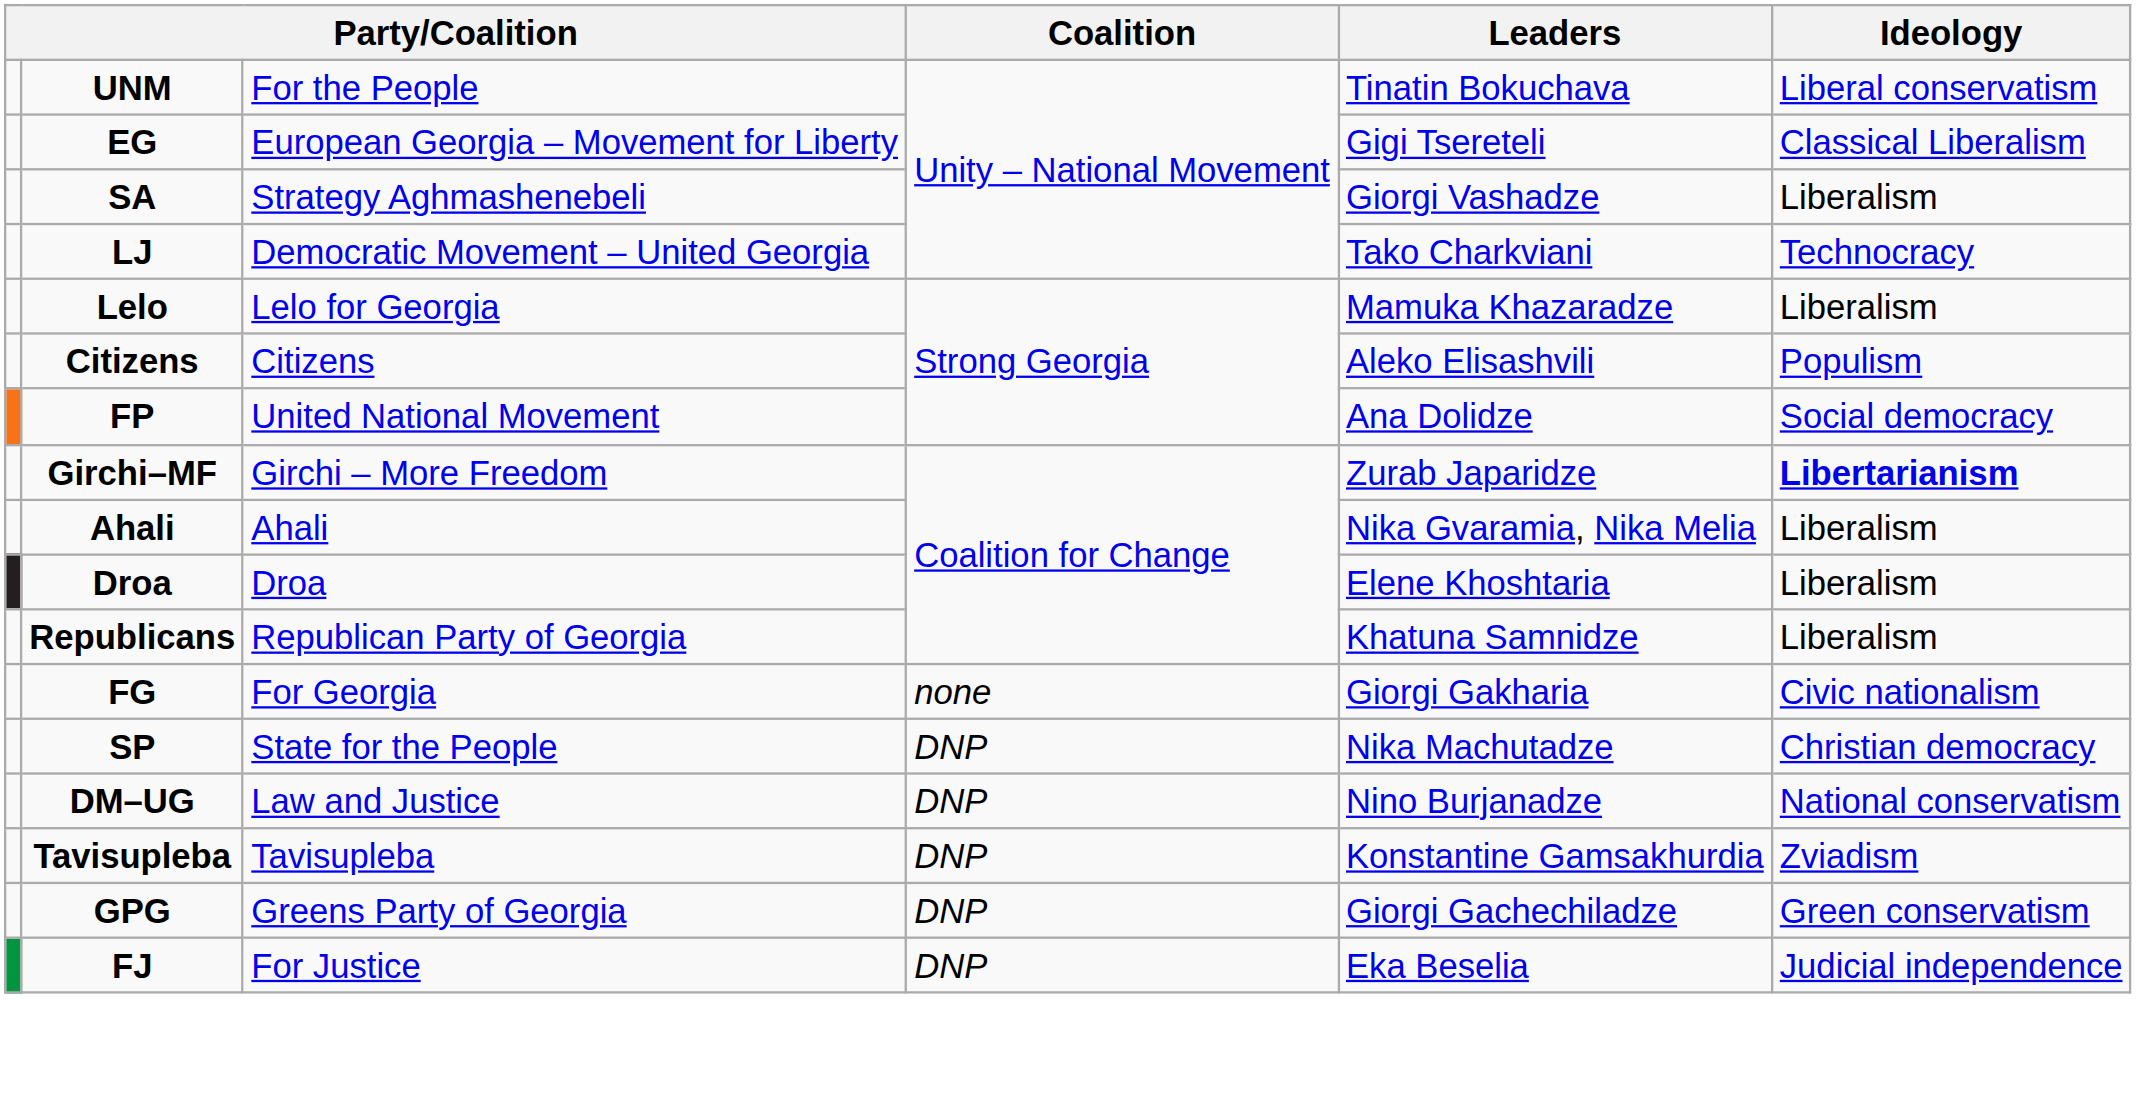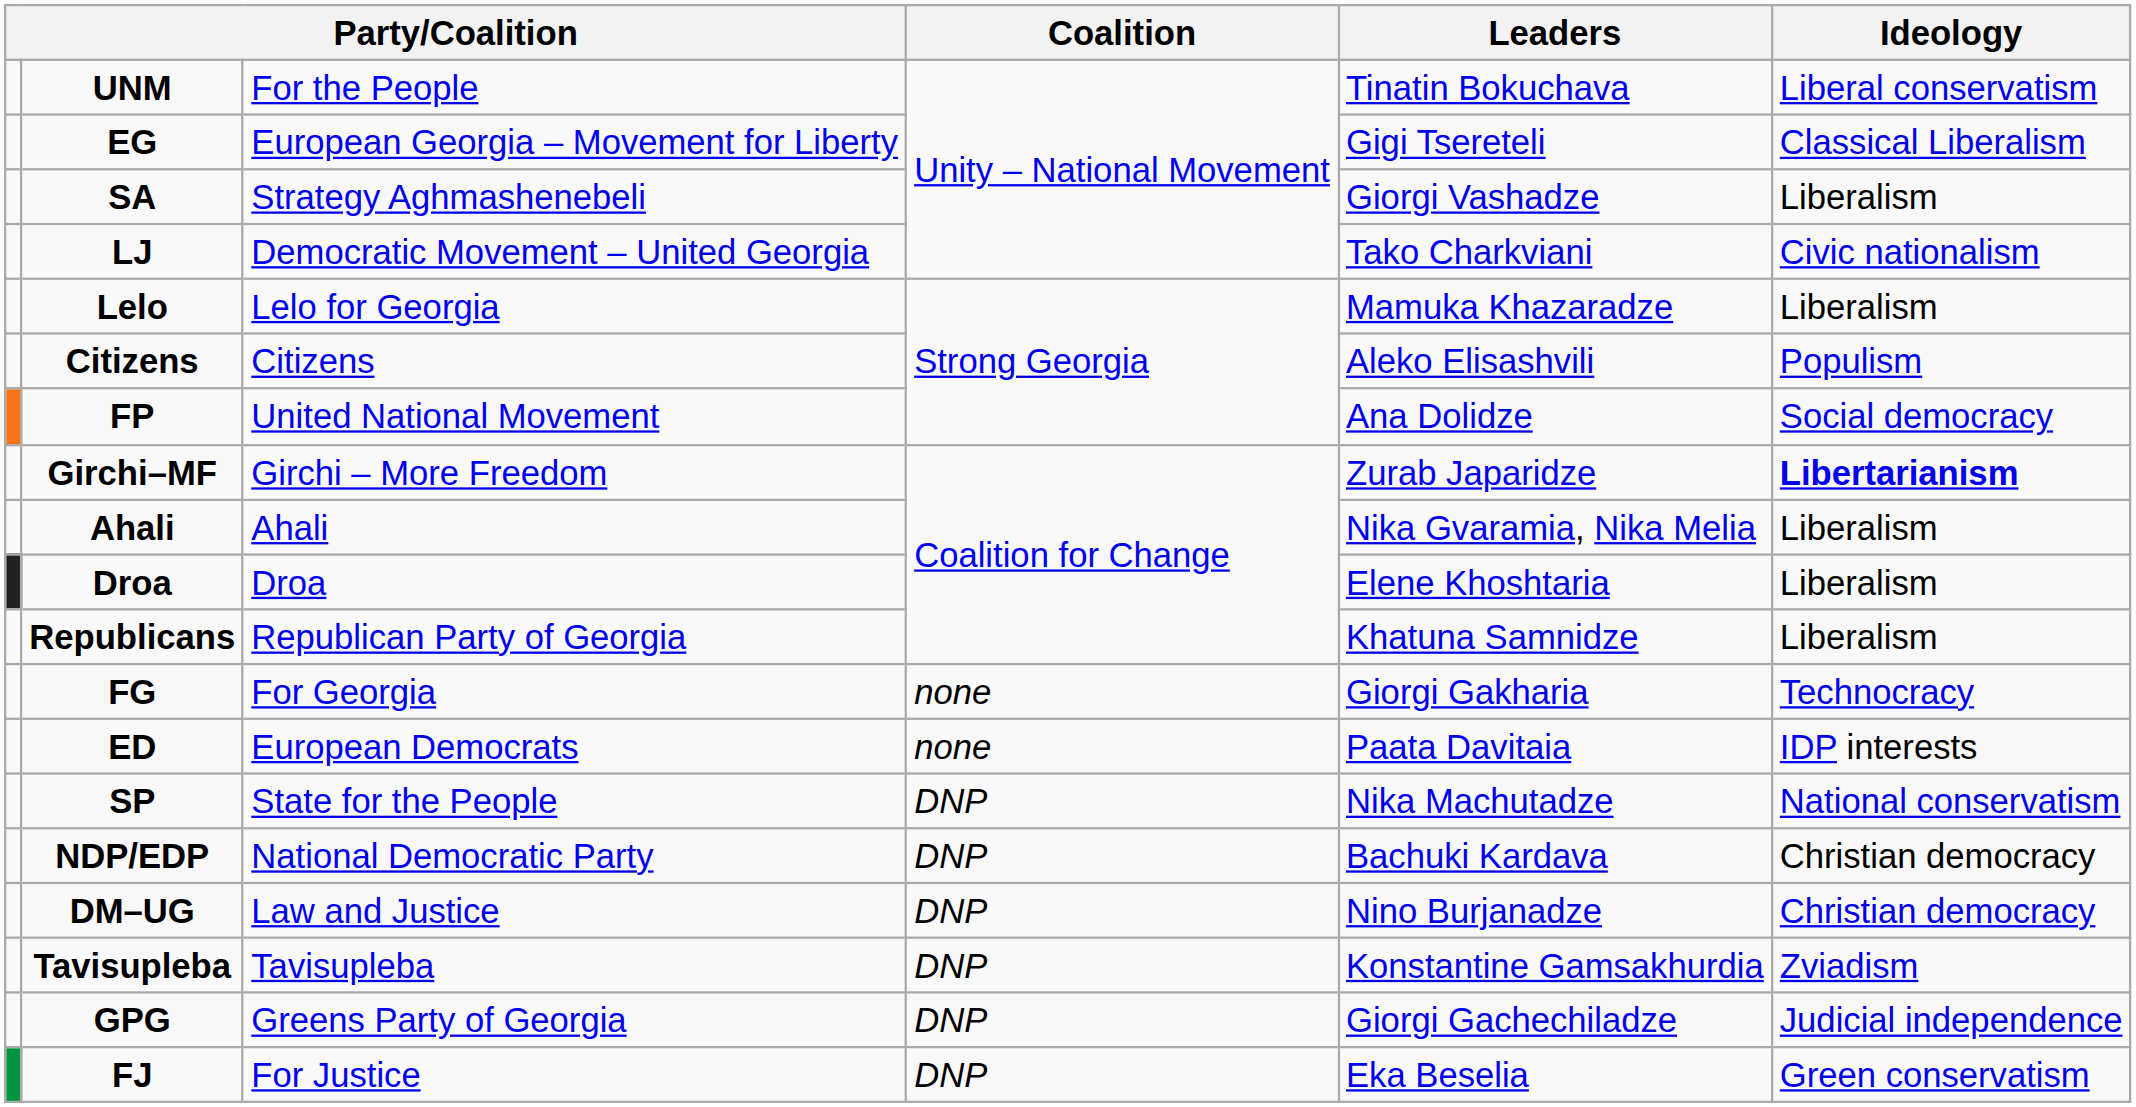 <table class=wikitable style="font-size:95%;">
 <tr>
 <th colspan="3">Party/Coalition</th>
 <th>Coalition</th>
 <th>Leaders</th>
 <th>Ideology</th>
 </tr>
 <tr>
 <td style="background:"></td>
 <td style="text-align:center;"><strong>UNM</strong></td>
 <td><a href='#'>For the People</a></td>
 <td rowspan=4><a href='#'>Unity – National Movement</a></td>
 <td><a href='#'>Tinatin Bokuchava</a></td>
 <td><a href='#'>Liberal conservatism</a></td>
 </tr>
 <tr>
 <td style="background:"></td>
 <td style="text-align:center;"><strong>EG</strong></td>
 <td><a href='#'>European Georgia – Movement for Liberty</a></td>
 <td><a href='#'>Gigi Tsereteli</a></td>
 <td><a href='#'>Classical Liberalism</a></td>
 </tr>
 <tr>
 <td style="background:"></td>
 <td style="text-align:center;"><strong>SA</strong></td>
 <td><a href='#'>Strategy Aghmashenebeli</a></td>
 <td><a href='#'>Giorgi Vashadze</a></td>
 <td>Liberalism</td>
 </tr>
 <tr>
 <td style="background:"></td>
 <td style="text-align:center;"><strong>LJ</strong></td>
 <td><a href='#'>Democratic Movement – United Georgia</a></td>
 <td><a href='#'>Tako Charkviani</a></td>
-<td><a href='#'>Technocracy</a></td>
+<td><a href='#'>Civic nationalism</a></td>
 </tr>
 <tr>
 <td style="background:"></td>
 <td style="text-align:center;"><strong>Lelo</strong></td>
 <td><a href='#'>Lelo for Georgia</a></td>
 <td rowspan=3><a href='#'>Strong Georgia</a></td>
 <td><a href='#'>Mamuka Khazaradze</a></td>
 <td>Liberalism</td>
 </tr>
 <tr>
 <td style="background:"></td>
 <td style="text-align:center;"><strong>Citizens</strong></td>
 <td><a href='#'>Citizens</a></td>
 <td><a href='#'>Aleko Elisashvili</a></td>
 <td><a href='#'>Populism</a></td>
 </tr>
 <tr>
 <td style="background:#F87217;"></td>
 <td style="text-align:center;"><strong>FP</strong></td>
 <td><a href='#'>United National Movement</a></td>
 <td><a href='#'>Ana Dolidze</a></td>
 <td><a href='#'>Social democracy</a></td>
 </tr>
 <tr>
 <td style="background:"></td>
 <td style="text-align:center;"><strong>Girchi–MF</strong></td>
 <td><a href='#'>Girchi – More Freedom</a></td>
 <td rowspan=4><a href='#'>Coalition for Change</a></td>
 <td><a href='#'>Zurab Japaridze</a></td>
 <td><strong><a href='#'>Libertarianism</a></strong></td>
 </tr>
 <tr>
 <td style="background:"></td>
 <td style="text-align:center;"><strong>Ahali</strong></td>
 <td><a href='#'>Ahali</a></td>
 <td><a href='#'>Nika Gvaramia</a>, <a href='#'>Nika Melia</a></td>
 <td>Liberalism</td>
 </tr>
 <tr>
 <td style="background:#231F20;"></td>
 <td style="text-align:center;"><strong>Droa</strong></td>
 <td><a href='#'>Droa</a></td>
 <td><a href='#'>Elene Khoshtaria</a></td>
 <td>Liberalism</td>
 </tr>
 <tr>
 <td style="background:"></td>
 <td style="text-align:center;"><strong>Republicans</strong></td>
 <td><a href='#'>Republican Party of Georgia</a></td>
 <td><a href='#'>Khatuna Samnidze</a></td>
 <td>Liberalism</td>
 </tr>
 <tr>
 <td style="background:"></td>
 <td style="text-align:center;"><strong>FG</strong></td>
 <td><a href='#'>For Georgia</a></td>
 <td><em>none</em></td>
 <td><a href='#'>Giorgi Gakharia</a></td>
-<td><a href='#'>Civic nationalism</a></td>
+<td><a href='#'>Technocracy</a></td>
+</tr>
+<tr>
+<td style="background:"></td>
+<td style="text-align:center;"><strong>ED</strong></td>
+<td><a href='#'>European Democrats</a></td>
+<td><em>none</em></td>
+<td><a href='#'>Paata Davitaia</a></td>
+<td><a href='#'>IDP</a> interests</td>
 </tr>
 <tr>
 <td style="background:"></td>
 <td style="text-align:center;"><strong>SP</strong></td>
 <td><a href='#'>State for the People</a></td>
 <td><em>DNP</em></td>
 <td><a href='#'>Nika Machutadze</a></td>
-<td><a href='#'>Christian democracy</a></td>
+<td><a href='#'>National conservatism</a></td>
+</tr>
+<tr>
+<td style="background:"></td>
+<td style="text-align:center;"><strong>NDP/EDP</strong></td>
+<td><a href='#'>National Democratic Party</a></td>
+<td><em>DNP</em></td>
+<td><a href='#'>Bachuki Kardava</a></td>
+<td>Christian democracy</td>
 </tr>
 <tr>
 <td style="background:"></td>
 <td style="text-align:center;"><strong>DM–UG</strong></td>
 <td><a href='#'>Law and Justice</a></td>
 <td><em>DNP</em></td>
 <td><a href='#'>Nino Burjanadze</a></td>
-<td><a href='#'>National conservatism</a></td>
+<td><a href='#'>Christian democracy</a></td>
 </tr>
 <tr>
 <td style="background:"></td>
 <td style="text-align:center;"><strong>Tavisupleba</strong></td>
 <td><a href='#'>Tavisupleba</a></td>
 <td><em>DNP</em></td>
 <td><a href='#'>Konstantine Gamsakhurdia</a></td>
 <td><a href='#'>Zviadism</a></td>
 </tr>
 <tr>
 <td style="background:"></td>
 <td style="text-align:center;"><strong>GPG</strong></td>
 <td><a href='#'>Greens Party of Georgia</a></td>
 <td><em>DNP</em></td>
 <td><a href='#'>Giorgi Gachechiladze</a></td>
-<td><a href='#'>Green conservatism</a></td>
+<td><a href='#'>Judicial independence</a></td>
 </tr>
 <tr>
 <td style="background:#019541;"></td>
 <td style="text-align:center;"><strong>FJ</strong></td>
 <td><a href='#'>For Justice</a></td>
 <td><em>DNP</em></td>
 <td><a href='#'>Eka Beselia</a></td>
-<td><a href='#'>Judicial independence</a></td>
+<td><a href='#'>Green conservatism</a></td>
 </tr>
 </table>
